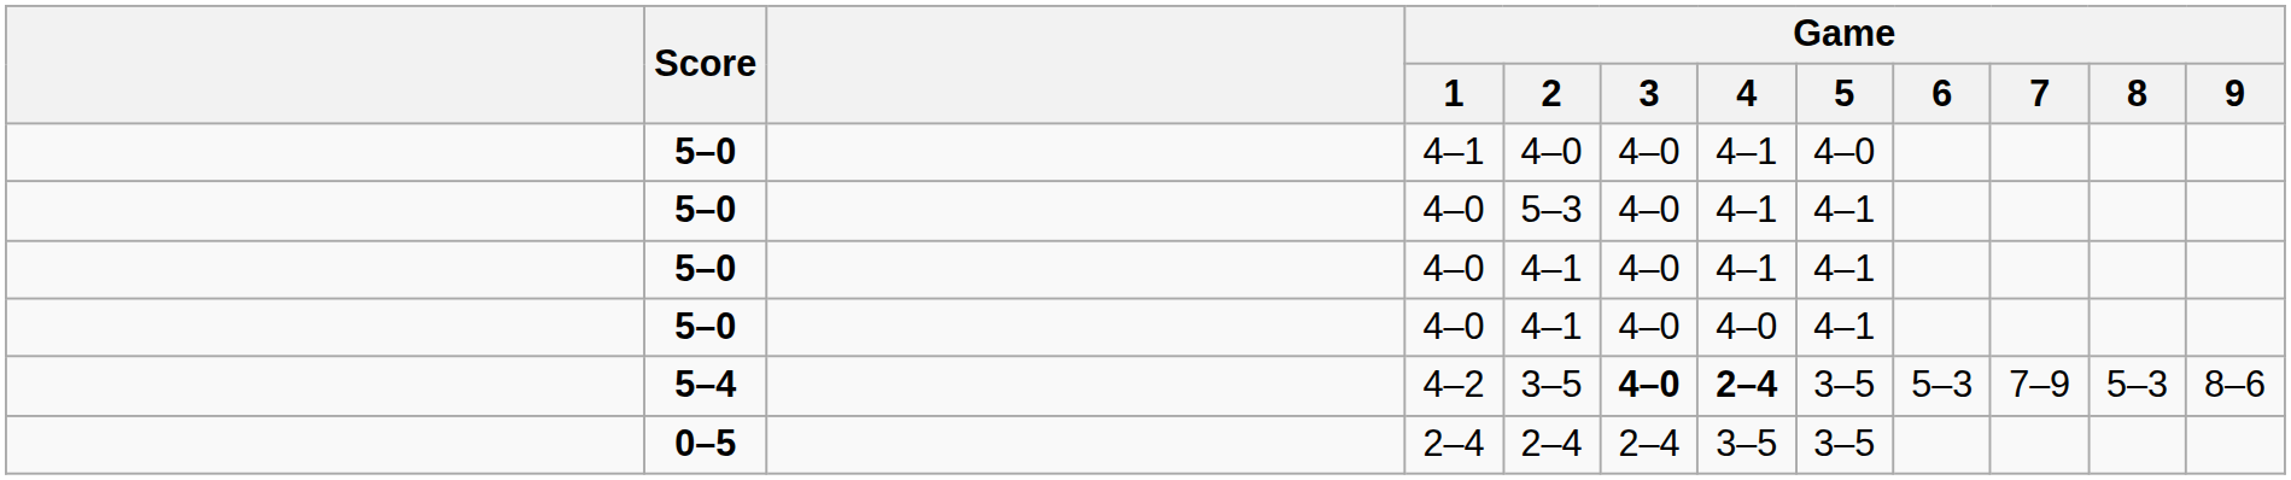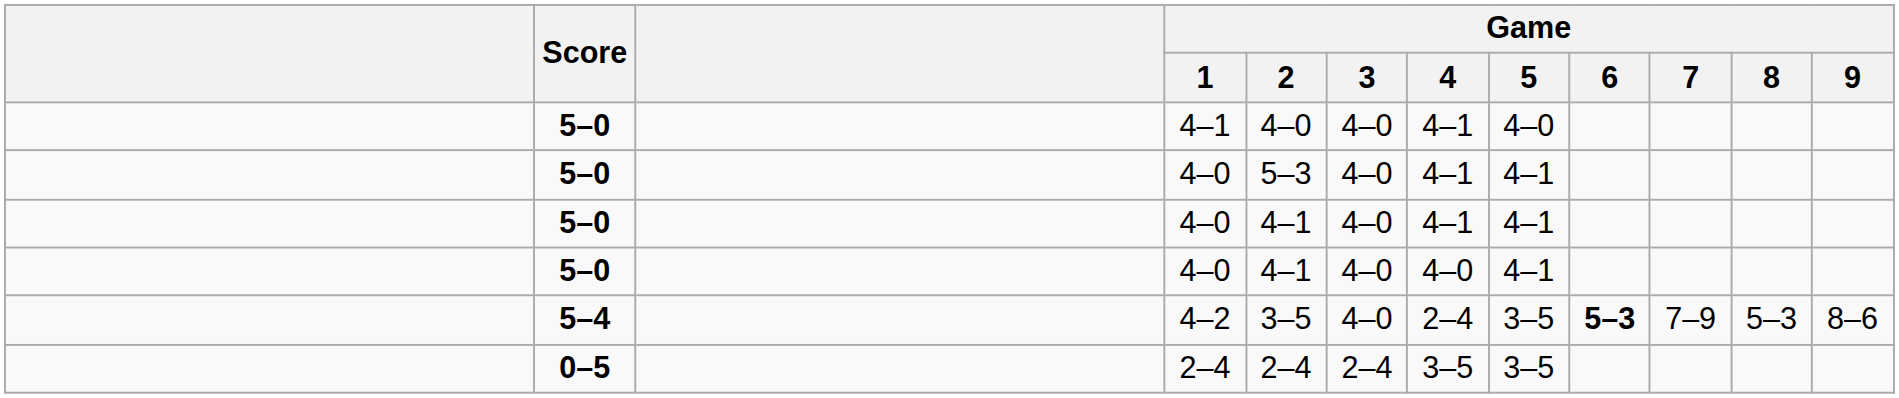 <table class="wikitable" style="text-align: center;">
 <tr>
 <th rowspan=2 align="right" width="270"></th>
 <th rowspan=2 width="45">Score</th>
 <th rowspan=2 align="left" width="270"></th>
 <th colspan=9>Game</th>
 </tr>
 <tr>
 <th width="35">1</th>
 <th width="35">2</th>
 <th width="35">3</th>
 <th width="35">4</th>
 <th width="35">5</th>
 <th width="35">6</th>
 <th width="35">7</th>
 <th width="35">8</th>
 <th width="35">9</th>
 </tr>
 <tr>
 <td align=left><strong><br></strong></td>
 <td align=center><strong>5–0</strong></td>
 <td align=left><br></td>
 <td>4–1</td>
 <td>4–0</td>
 <td>4–0</td>
 <td>4–1</td>
 <td>4–0</td>
 <td></td>
 <td></td>
 <td></td>
 <td></td>
 </tr>
 <tr>
 <td align=left><strong><br></strong></td>
 <td align=center><strong>5–0</strong></td>
 <td align=left><br></td>
 <td>4–0</td>
 <td>5–3</td>
 <td>4–0</td>
 <td>4–1</td>
 <td>4–1</td>
 <td></td>
 <td></td>
 <td></td>
 <td></td>
 </tr>
 <tr>
 <td align=left><strong><br></strong></td>
 <td align=center><strong>5–0</strong></td>
 <td align=left><br></td>
 <td>4–0</td>
 <td>4–1</td>
 <td>4–0</td>
 <td>4–1</td>
 <td>4–1</td>
 <td></td>
 <td></td>
 <td></td>
 <td></td>
 </tr>
 <tr>
 <td align=left><strong><br></strong></td>
 <td align=center><strong>5–0</strong></td>
 <td align=left><br></td>
 <td>4–0</td>
 <td>4–1</td>
 <td>4–0</td>
 <td>4–0</td>
 <td>4–1</td>
 <td></td>
 <td></td>
 <td></td>
 <td></td>
 </tr>
 <tr>
 <td align=left><strong><br></strong></td>
 <td align=center><strong>5–4</strong></td>
 <td align=left><br></td>
 <td>4–2</td>
 <td>3–5</td>
-<td><strong>4–0</strong></td>
-<td><strong>2–4</strong></td>
+<td>4–0</td>
+<td>2–4</td>
 <td>3–5</td>
-<td>5–3</td>
+<td><strong>5–3</strong></td>
 <td>7–9</td>
 <td>5–3</td>
 <td>8–6</td>
 </tr>
 <tr>
 <td align=left><br></td>
 <td align=center><strong>0–5</strong></td>
 <td align=left><strong><br></strong></td>
 <td>2–4</td>
 <td>2–4</td>
 <td>2–4</td>
 <td>3–5</td>
 <td>3–5</td>
 <td></td>
 <td></td>
 <td></td>
 <td></td>
 </tr>
 </table>
